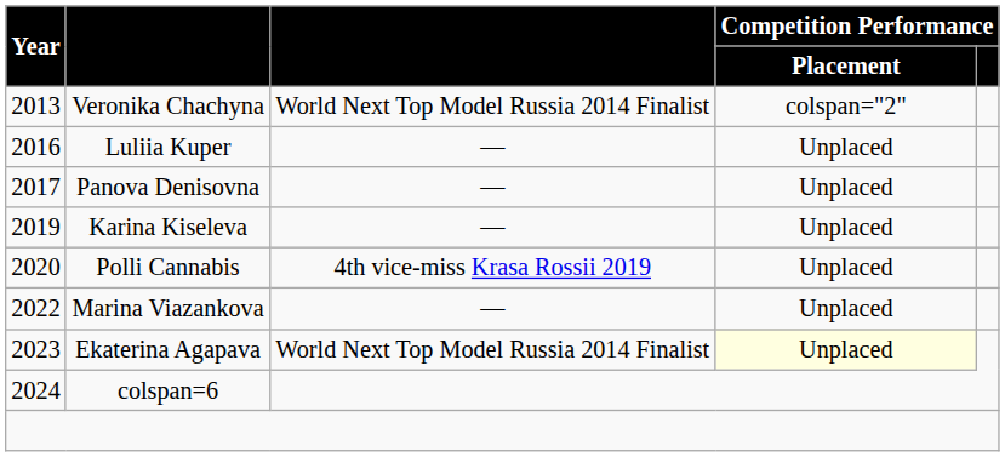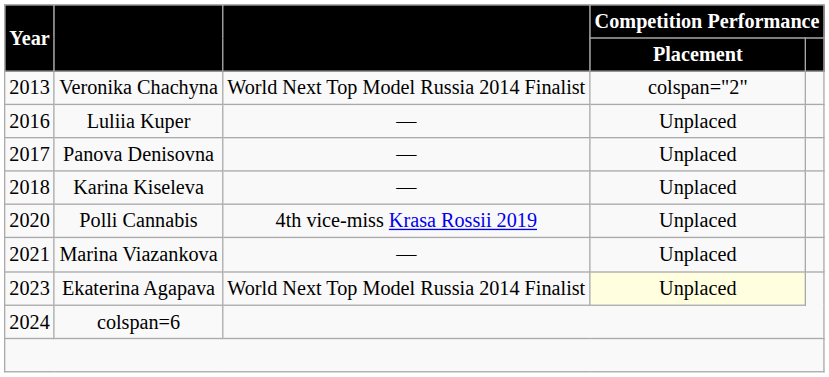 <table class="wikitable" style="font-size:95%; text-align:center">
 <tr>
 <th rowspan="2" style="background-color:#000000; color:#FFFFFF;">Year</th>
 <th rowspan="2" style="background-color:#000000; color:#FFFFFF;"></th>
 <th rowspan="2" style="background-color:#000000; color:#FFFFFF;"></th>
 <th colspan="2" style="background-color:#000000; color:#FFFFFF;">Competition Performance</th>
 </tr>
 <tr>
 <th style="background-color:#000000; color:#FFFFFF;">Placement</th>
 <th style="background-color:#000000; color:#FFFFFF;"></th>
 </tr>
 <tr>
 <td>2013</td>
 <td>Veronika Chachyna</td>
 <td>World Next Top Model Russia 2014 Finalist</td>
 <td>colspan="2" </td>
 </tr>
 <tr>
 <td>2016</td>
 <td>Luliia Kuper</td>
 <td>—</td>
 <td>Unplaced</td>
 <td></td>
 </tr>
 <tr>
 <td>2017</td>
 <td>Panova Denisovna</td>
 <td>—</td>
 <td>Unplaced</td>
 <td></td>
 </tr>
 <tr>
-<td>2019</td>
+<td>2018</td>
 <td>Karina Kiseleva</td>
 <td>—</td>
 <td>Unplaced</td>
 <td></td>
 </tr>
 <tr>
 <td>2020</td>
 <td>Polli Cannabis</td>
 <td>4th vice-miss <a href='#'>Krasa Rossii 2019</a></td>
 <td>Unplaced</td>
 <td></td>
 </tr>
 <tr>
-<td>2022</td>
+<td>2021</td>
 <td>Marina Viazankova</td>
 <td>—</td>
 <td>Unplaced</td>
 <td></td>
 </tr>
 <tr>
 <td>2023</td>
 <td>Ekaterina Agapava</td>
 <td>World Next Top Model Russia 2014 Finalist</td>
 <td style="background: lightyellow;">Unplaced</td>
 </tr>
 <tr>
 <td>2024</td>
 <td>colspan=6 </td>
 </tr>
 <tr>
 <td colspan="6" align=left><br></td>
 </tr>
 </table>
